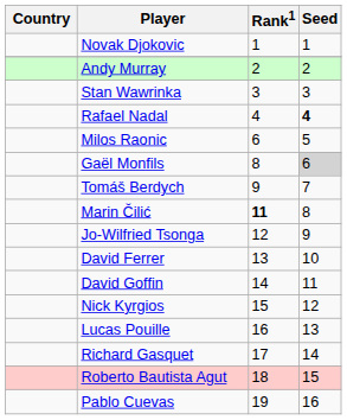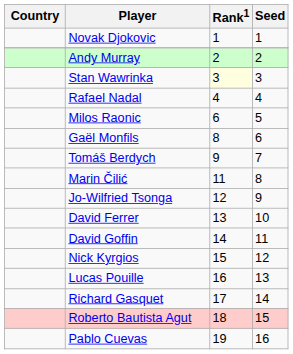 <table class="sortable wikitable">
 <tr>
 <th width="70">Country</th>
 <th width="175">Player</th>
 <th>Rank<sup>1</sup></th>
 <th>Seed</th>
 </tr>
 <tr>
 <td></td>
 <td><a href='#'>Novak Djokovic</a></td>
 <td>1</td>
 <td>1</td>
 </tr>
 <tr style="background:#cfc;">
 </tr>
 <tr style="background:#cfc;">
 <td></td>
 <td><a href='#'>Andy Murray</a></td>
 <td>2</td>
 <td>2</td>
 </tr>
 <tr>
 <td></td>
 <td><a href='#'>Stan Wawrinka</a></td>
-<td>3</td>
+<td style="background: lightyellow;">3</td>
 <td>3</td>
 </tr>
 <tr>
 <td></td>
 <td><a href='#'>Rafael Nadal</a></td>
 <td>4</td>
-<td><strong>4</strong></td>
+<td>4</td>
 </tr>
 <tr>
 <td></td>
 <td><a href='#'>Milos Raonic</a></td>
 <td>6</td>
 <td>5</td>
 </tr>
 <tr>
 <td></td>
 <td><a href='#'>Gaël Monfils</a></td>
 <td>8</td>
-<td style="background: lightgrey;">6</td>
+<td>6</td>
 </tr>
 <tr>
 <td></td>
 <td><a href='#'>Tomáš Berdych</a></td>
 <td>9</td>
 <td>7</td>
 </tr>
 <tr>
 <td></td>
 <td><a href='#'>Marin Čilić</a></td>
-<td><strong>11</strong></td>
+<td>11</td>
 <td>8</td>
 </tr>
 <tr>
 <td></td>
 <td><a href='#'>Jo-Wilfried Tsonga</a></td>
 <td>12</td>
 <td>9</td>
 </tr>
 <tr>
 <td></td>
 <td><a href='#'>David Ferrer</a></td>
 <td>13</td>
 <td>10</td>
 </tr>
 <tr>
 <td></td>
 <td><a href='#'>David Goffin</a></td>
 <td>14</td>
 <td>11</td>
 </tr>
 <tr>
 <td></td>
 <td><a href='#'>Nick Kyrgios</a></td>
 <td>15</td>
 <td>12</td>
 </tr>
 <tr>
 <td></td>
 <td><a href='#'>Lucas Pouille</a></td>
 <td>16</td>
 <td>13</td>
 </tr>
 <tr>
 <td></td>
 <td><a href='#'>Richard Gasquet</a></td>
 <td>17</td>
 <td>14</td>
 </tr>
 <tr style="background:#fcc;">
 <td></td>
 <td><a href='#'>Roberto Bautista Agut</a></td>
 <td>18</td>
 <td>15</td>
 </tr>
 <tr>
 <td></td>
 <td><a href='#'>Pablo Cuevas</a></td>
 <td>19</td>
 <td>16</td>
 </tr>
 </table>
